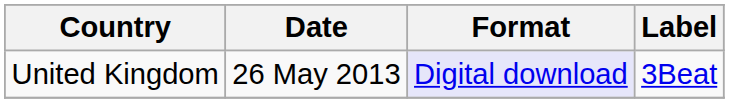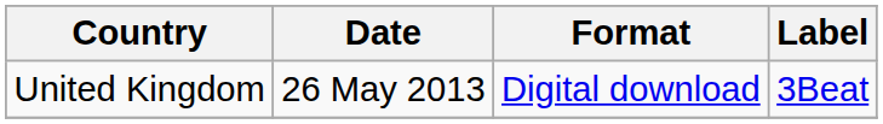 <table class="wikitable plainrowheaders">
 <tr>
 <th scope="col">Country</th>
 <th scope="col">Date</th>
 <th scope="col">Format</th>
 <th scope="col">Label</th>
 </tr>
 <tr>
 <td>United Kingdom</td>
 <td>26 May 2013</td>
-<td style="background: lavender;"><a href='#'>Digital download</a></td>
+<td><a href='#'>Digital download</a></td>
 <td><a href='#'>3Beat</a></td>
 </tr>
 <tr>
 </tr>
 </table>
